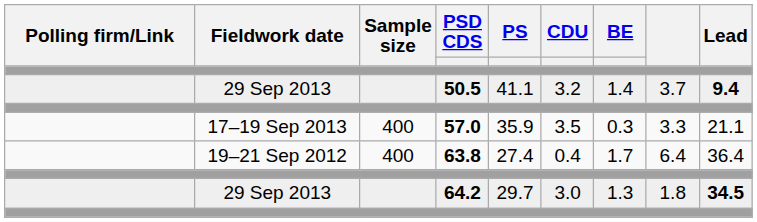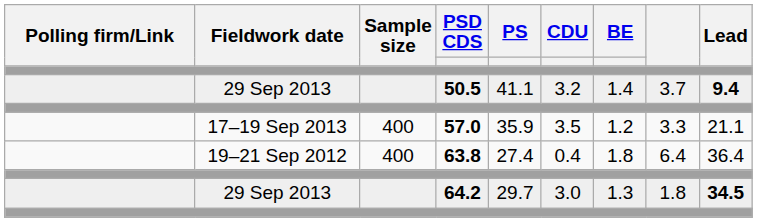 <table class="wikitable collapsible sortable" style="text-align:center; font-size:95%; line-height:16px;">
 <tr style="height:42px;">
 <th style="width:145px;" rowspan="2">Polling firm/Link</th>
 <th style="width:125px;" rowspan="2">Fieldwork date</th>
 <th class="unsortable" style="width:50px;" rowspan="2">Sample size</th>
 <th class="unsortable" style="width:35px;"><a href='#'>PSD</a><br><a href='#'>CDS</a></th>
 <th class="unsortable" style="width:35px;"><a href='#'>PS</a></th>
 <th class="unsortable" style="width:35px;"><a href='#'>CDU</a></th>
 <th class="unsortable" style="width:35px;"><a href='#'>BE</a></th>
 <th class="unsortable" style="width:35px;" rowspan="2"></th>
 <th class="unsortable" style="width:30px;" rowspan="2">Lead</th>
 </tr>
 <tr>
 <th class="unsortable" style="color:inherit;background:"></th>
 <th class="unsortable" style="color:inherit;background:"></th>
 <th class="unsortable" style="color:inherit;background:"></th>
 <th class="unsortable" style="color:inherit;background:"></th>
 </tr>
 <tr>
 <td colspan="13" style="background:#A0A0A0"></td>
 </tr>
 <tr style="background:#EFEFEF;">
 <td><strong></strong></td>
 <td data-sort-value="2019-10-06">29 Sep 2013</td>
 <td></td>
 <td><strong>50.5</strong><br></td>
 <td>41.1<br></td>
 <td>3.2<br></td>
 <td>1.4<br></td>
 <td>3.7</td>
 <td style="background:"><strong>9.4</strong></td>
 </tr>
 <tr>
 <td colspan="13" style="background:#A0A0A0"></td>
 </tr>
 <tr>
 <td align="center"></td>
 <td align="center">17–19 Sep 2013</td>
 <td>400</td>
 <td align="center" ><strong>57.0</strong></td>
 <td align="center">35.9</td>
 <td align="center">3.5</td>
-<td align="center">0.3</td>
+<td align="center">1.2</td>
 <td align="center">3.3</td>
 <td style="background:">21.1</td>
 </tr>
 <tr>
 <td align="center"></td>
 <td align="center">19–21 Sep 2012</td>
 <td>400</td>
 <td align="center" ><strong>63.8</strong></td>
 <td align="center">27.4</td>
 <td align="center">0.4</td>
-<td align="center">1.7</td>
+<td align="center">1.8</td>
 <td align="center">6.4</td>
 <td style="background:">36.4</td>
 </tr>
 <tr>
 <td colspan="13" style="background:#A0A0A0"></td>
 </tr>
 <tr style="background:#EFEFEF;">
 <td><strong></strong></td>
 <td data-sort-value="2019-10-06">29 Sep 2013</td>
 <td></td>
 <td><strong>64.2</strong><br></td>
 <td>29.7<br></td>
 <td>3.0<br></td>
 <td>1.3<br></td>
 <td>1.8</td>
 <td style="background:"><strong>34.5</strong></td>
 </tr>
 <tr>
 <td colspan="13" style="background:#A0A0A0"></td>
 </tr>
 <tr>
 </tr>
 </table>
